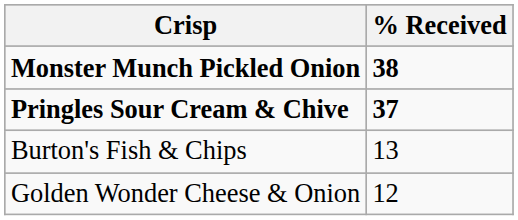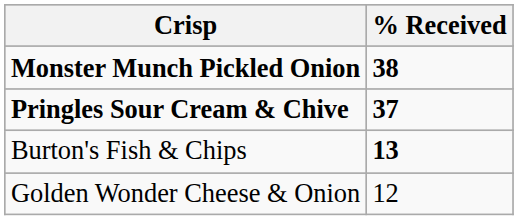 <table class="wikitable">
 <tr>
 <th>Crisp</th>
 <th>% Received</th>
 </tr>
 <tr>
 <td><strong>Monster Munch Pickled Onion</strong></td>
 <td><strong>38</strong></td>
 </tr>
 <tr>
 <td><strong>Pringles Sour Cream & Chive</strong></td>
 <td><strong>37</strong></td>
 </tr>
 <tr>
 <td>Burton's Fish & Chips</td>
-<td>13</td>
+<td><strong>13</strong></td>
 </tr>
 <tr>
 <td>Golden Wonder Cheese & Onion</td>
 <td>12</td>
 </tr>
 </table>
